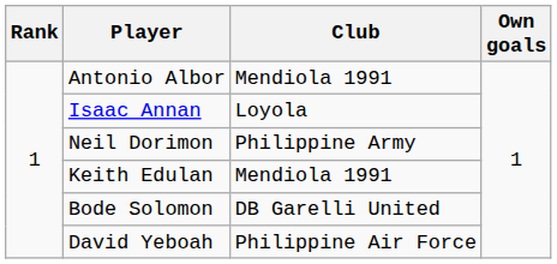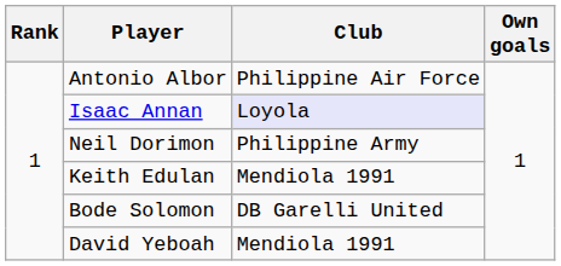 <table class="wikitable">
 <tr>
 <th>Rank</th>
 <th>Player</th>
 <th>Club</th>
 <th>Own<br>goals</th>
 </tr>
 <tr>
 <td rowspan="6" style="text-align:center;">1</td>
 <td> Antonio Albor</td>
-<td>Mendiola 1991</td>
+<td>Philippine Air Force</td>
 <td rowspan="6" style="text-align:center;">1</td>
 </tr>
 <tr>
 <td> <a href='#'>Isaac Annan</a></td>
-<td>Loyola</td>
+<td style="background: lavender;">Loyola</td>
 </tr>
 <tr>
 <td> Neil Dorimon</td>
 <td>Philippine Army</td>
 </tr>
 <tr>
 <td> Keith Edulan</td>
 <td>Mendiola 1991</td>
 </tr>
 <tr>
 <td> Bode Solomon</td>
 <td>DB Garelli United</td>
 </tr>
 <tr>
 <td> David Yeboah</td>
-<td>Philippine Air Force</td>
+<td>Mendiola 1991</td>
 </tr>
 </table>
